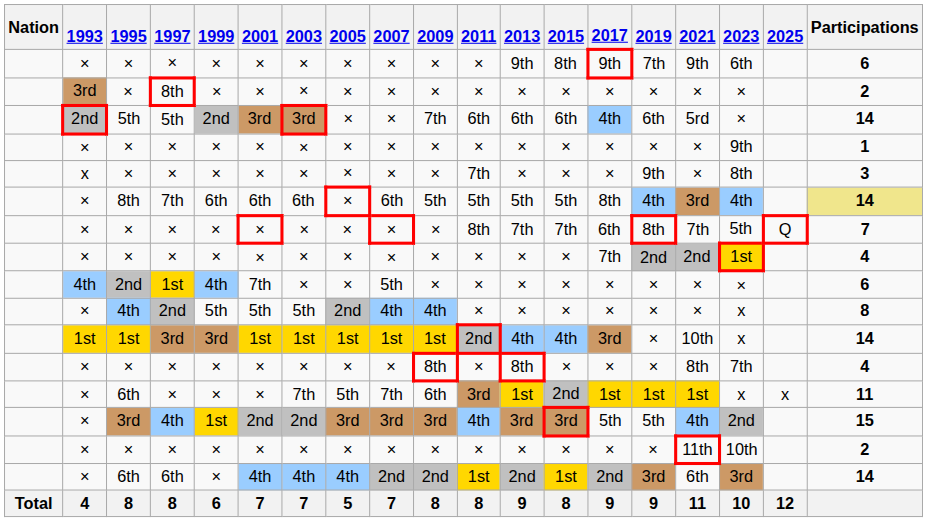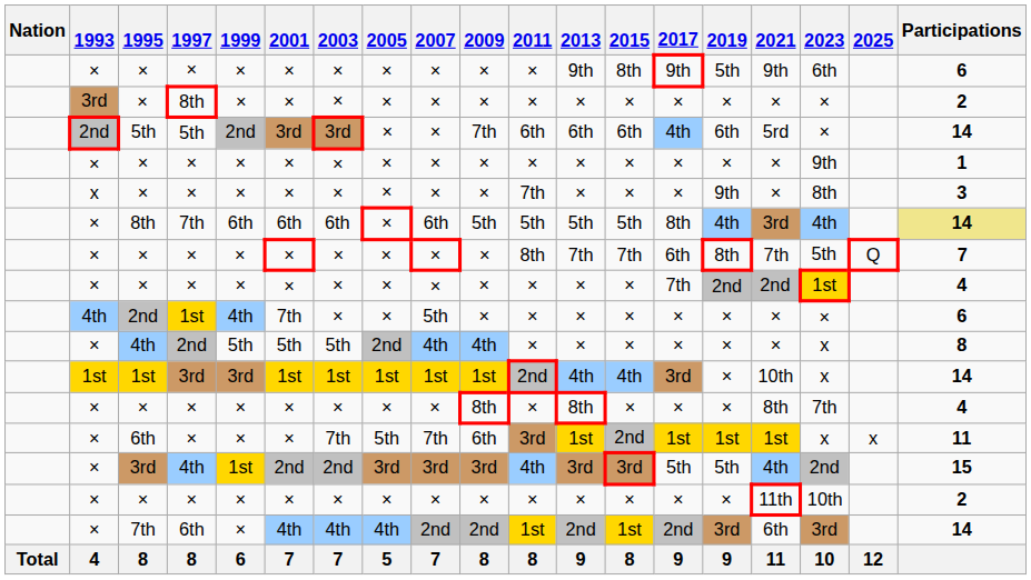 <table class="wikitable" style="text-align:center;">
 <tr>
 <th>Nation</th>
 <th><br><a href='#'>1993</a></th>
 <th><br><a href='#'>1995</a></th>
 <th><br><a href='#'>1997</a></th>
 <th><br><a href='#'>1999</a></th>
 <th><br><a href='#'>2001</a></th>
 <th><br><a href='#'>2003</a></th>
 <th><br><a href='#'>2005</a></th>
 <th><br><a href='#'>2007</a></th>
 <th><br><a href='#'>2009</a></th>
 <th><br><a href='#'>2011</a></th>
 <th><br><a href='#'>2013</a></th>
 <th><br><a href='#'>2015</a></th>
 <th><br><a href='#'>2017</a></th>
 <th><br><a href='#'>2019</a></th>
 <th><br><a href='#'>2021</a></th>
 <th><br><a href='#'>2023</a></th>
 <th><br><a href='#'>2025</a></th>
 <th>Participations</th>
 </tr>
 <tr>
 <td align=left></td>
 <td>×</td>
 <td>×</td>
 <td>×</td>
 <td>×</td>
 <td>×</td>
 <td>×</td>
 <td>×</td>
 <td>×</td>
 <td>×</td>
 <td>×</td>
 <td>9th</td>
 <td>8th</td>
 <td style="border:3px solid red">9th</td>
-<td>7th</td>
+<td>5th</td>
 <td>9th</td>
 <td>6th</td>
 <td></td>
 <td><strong>6</strong></td>
 </tr>
 <tr>
 <td align=left></td>
 <td bgcolor=#cc9966>3rd</td>
 <td>×</td>
 <td style="border:3px solid red">8th</td>
 <td>×</td>
 <td>×</td>
 <td>×</td>
 <td>×</td>
 <td>×</td>
 <td>×</td>
 <td>×</td>
 <td>×</td>
 <td>×</td>
 <td>×</td>
 <td>×</td>
 <td>×</td>
 <td>×</td>
 <td></td>
 <td><strong>2</strong></td>
 </tr>
 <tr>
 <td align=left></td>
 <td style="border:3px solid red" bgcolor=silver>2nd</td>
 <td>5th</td>
 <td>5th</td>
 <td bgcolor=silver>2nd</td>
 <td bgcolor=#cc9966>3rd</td>
 <td style="border:3px solid red" bgcolor=#cc9966>3rd</td>
 <td>×</td>
 <td>×</td>
 <td>7th</td>
 <td>6th</td>
 <td>6th</td>
 <td>6th</td>
 <td bgcolor=#9acdff>4th</td>
 <td>6th</td>
 <td>5rd</td>
 <td>×</td>
 <td></td>
 <td><strong>14</strong></td>
 </tr>
 <tr>
 <td align=left></td>
 <td>×</td>
 <td>×</td>
 <td>×</td>
 <td>×</td>
 <td>×</td>
 <td>×</td>
 <td>×</td>
 <td>×</td>
 <td>×</td>
 <td>×</td>
 <td>×</td>
 <td>×</td>
 <td>×</td>
 <td>×</td>
 <td>×</td>
 <td>9th</td>
 <td></td>
 <td><strong>1</strong></td>
 </tr>
 <tr>
 <td align=left></td>
 <td>x</td>
 <td>×</td>
 <td>×</td>
 <td>×</td>
 <td>×</td>
 <td>×</td>
 <td>×</td>
 <td>×</td>
 <td>×</td>
 <td>7th</td>
 <td>×</td>
 <td>×</td>
 <td>×</td>
 <td>9th</td>
 <td>×</td>
 <td>8th</td>
 <td></td>
 <td><strong>3</strong></td>
 </tr>
 <tr>
 <td align=left></td>
 <td>×</td>
 <td>8th</td>
 <td>7th</td>
 <td>6th</td>
 <td>6th</td>
 <td>6th</td>
 <td style="border:3px solid red">×</td>
 <td>6th</td>
 <td>5th</td>
 <td>5th</td>
 <td>5th</td>
 <td>5th</td>
 <td>8th</td>
 <td bgcolor=#9acdff>4th</td>
 <td bgcolor=#cc9966>3rd</td>
 <td bgcolor=#9acdff>4th</td>
 <td></td>
 <td style="background: khaki;"><strong>14</strong></td>
 </tr>
 <tr>
 <td align=left></td>
 <td>×</td>
 <td>×</td>
 <td>×</td>
 <td>×</td>
 <td style="border:3px solid red">×</td>
 <td>×</td>
 <td>×</td>
 <td style="border:3px solid red">×</td>
 <td>×</td>
 <td>8th</td>
 <td>7th</td>
 <td>7th</td>
 <td>6th</td>
 <td style="border:3px solid red">8th</td>
 <td>7th</td>
 <td>5th</td>
 <td style="border:3px solid red">Q</td>
 <td><strong>7</strong></td>
 </tr>
 <tr>
 <td align=left></td>
 <td>×</td>
 <td>×</td>
 <td>×</td>
 <td>×</td>
 <td>×</td>
 <td>×</td>
 <td>×</td>
 <td>×</td>
 <td>×</td>
 <td>×</td>
 <td>×</td>
 <td>×</td>
 <td>7th</td>
 <td bgcolor=silver>2nd</td>
 <td bgcolor=silver>2nd</td>
 <td style="border:3px solid red" bgcolor=gold>1st</td>
 <td></td>
 <td><strong>4</strong></td>
 </tr>
 <tr>
 <td align=left></td>
 <td bgcolor=#9acdff>4th</td>
 <td bgcolor=silver>2nd</td>
 <td bgcolor=gold>1st</td>
 <td bgcolor=#9acdff>4th</td>
 <td>7th</td>
 <td>×</td>
 <td>×</td>
 <td>5th</td>
 <td>×</td>
 <td>×</td>
 <td>×</td>
 <td>×</td>
 <td>×</td>
 <td>×</td>
 <td>×</td>
 <td>×</td>
 <td></td>
 <td><strong>6</strong></td>
 </tr>
 <tr>
 <td align=left></td>
 <td>×</td>
 <td bgcolor=#9acdff>4th</td>
 <td bgcolor=silver>2nd</td>
 <td>5th</td>
 <td>5th</td>
 <td>5th</td>
 <td bgcolor=silver>2nd</td>
 <td bgcolor=#9acdff>4th</td>
 <td bgcolor=#9acdff>4th</td>
 <td>×</td>
 <td>×</td>
 <td>×</td>
 <td>×</td>
 <td>×</td>
 <td>×</td>
 <td>x</td>
 <td></td>
 <td><strong>8</strong></td>
 </tr>
 <tr>
 <td align=left></td>
 <td bgcolor=gold>1st</td>
 <td bgcolor=gold>1st</td>
 <td bgcolor=#cc9966>3rd</td>
 <td bgcolor=#cc9966>3rd</td>
 <td bgcolor=gold>1st</td>
 <td bgcolor=gold>1st</td>
 <td bgcolor=gold>1st</td>
 <td bgcolor=gold>1st</td>
 <td bgcolor=gold>1st</td>
 <td style="border:3px solid red" bgcolor=silver>2nd</td>
 <td bgcolor=#9acdff>4th</td>
 <td bgcolor=#9acdff>4th</td>
 <td bgcolor=#cc9966>3rd</td>
 <td>×</td>
 <td>10th</td>
 <td>x</td>
 <td></td>
 <td><strong>14</strong></td>
 </tr>
 <tr>
 <td align=left></td>
 <td>×</td>
 <td>×</td>
 <td>×</td>
 <td>×</td>
 <td>×</td>
 <td>×</td>
 <td>×</td>
 <td>×</td>
 <td style="border:3px solid red">8th</td>
 <td>×</td>
 <td style="border:3px solid red">8th</td>
 <td>×</td>
 <td>×</td>
 <td>×</td>
 <td>8th</td>
 <td>7th</td>
 <td></td>
 <td><strong>4</strong></td>
 </tr>
 <tr>
 <td align=left></td>
 <td>×</td>
 <td>6th</td>
 <td>×</td>
 <td>×</td>
 <td>×</td>
 <td>7th</td>
 <td>5th</td>
 <td>7th</td>
 <td>6th</td>
 <td bgcolor=#cc9966>3rd</td>
 <td bgcolor=gold>1st</td>
 <td bgcolor=silver>2nd</td>
 <td bgcolor=gold>1st</td>
 <td bgcolor=gold>1st</td>
 <td bgcolor=gold>1st</td>
 <td>x</td>
 <td>x</td>
 <td><strong>11</strong></td>
 </tr>
 <tr>
 <td align=left></td>
 <td>×</td>
 <td bgcolor=#cc9966>3rd</td>
 <td bgcolor=#9acdff>4th</td>
 <td bgcolor=gold>1st</td>
 <td bgcolor=silver>2nd</td>
 <td bgcolor=silver>2nd</td>
 <td bgcolor=#cc9966>3rd</td>
 <td bgcolor=#cc9966>3rd</td>
 <td bgcolor=#cc9966>3rd</td>
 <td bgcolor=#9acdff>4th</td>
 <td bgcolor=#cc9966>3rd</td>
 <td style="border:3px solid red" bgcolor=#cc9966>3rd</td>
 <td>5th</td>
 <td>5th</td>
 <td bgcolor=#9acdff>4th</td>
 <td bgcolor=silver>2nd</td>
 <td></td>
 <td><strong>15</strong></td>
 </tr>
 <tr>
 <td align=left></td>
 <td>×</td>
 <td>×</td>
 <td>×</td>
 <td>×</td>
 <td>×</td>
 <td>×</td>
 <td>×</td>
 <td>×</td>
 <td>×</td>
 <td>×</td>
 <td>×</td>
 <td>×</td>
 <td>×</td>
 <td>×</td>
 <td style="border:3px solid red">11th</td>
 <td>10th</td>
 <td></td>
 <td><strong>2</strong></td>
 </tr>
 <tr>
 <td align=left></td>
 <td>×</td>
-<td>6th</td>
+<td>7th</td>
 <td>6th</td>
 <td>×</td>
 <td bgcolor=#9acdff>4th</td>
 <td bgcolor=#9acdff>4th</td>
 <td bgcolor=#9acdff>4th</td>
 <td bgcolor=silver>2nd</td>
 <td bgcolor=silver>2nd</td>
 <td bgcolor=gold>1st</td>
 <td bgcolor=silver>2nd</td>
 <td bgcolor=gold>1st</td>
 <td bgcolor=silver>2nd</td>
 <td bgcolor=#cc9966>3rd</td>
 <td>6th</td>
 <td bgcolor=#cc9966>3rd</td>
 <td></td>
 <td><strong>14</strong></td>
 </tr>
 <tr>
 <th>Total</th>
 <th>4</th>
 <th>8</th>
 <th>8</th>
 <th>6</th>
 <th>7</th>
 <th>7</th>
 <th>5</th>
 <th>7</th>
 <th>8</th>
 <th>8</th>
 <th>9</th>
 <th>8</th>
 <th>9</th>
 <th>9</th>
 <th>11</th>
 <th>10</th>
 <th>12</th>
 <th></th>
 </tr>
 </table>
